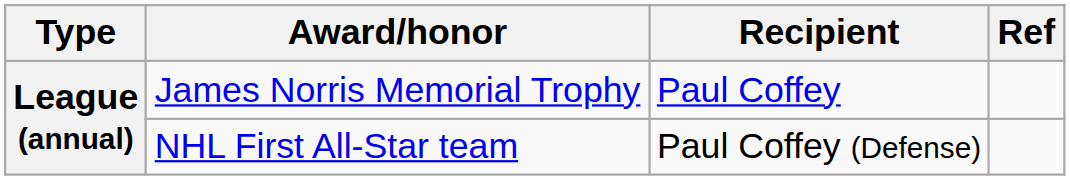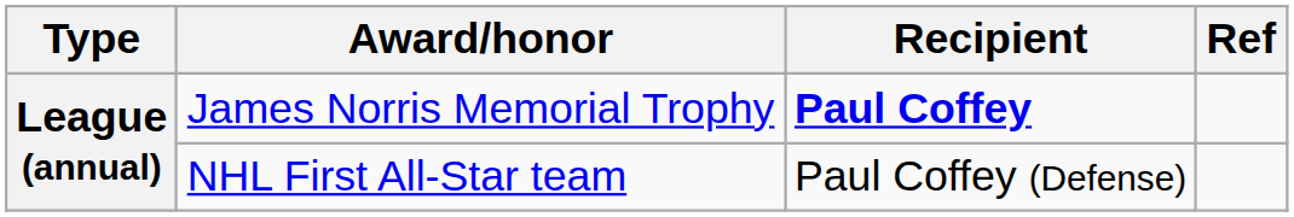 <table class="wikitable">
 <tr>
 <th scope="col">Type</th>
 <th scope="col">Award/honor</th>
 <th scope="col">Recipient</th>
 <th scope="col">Ref</th>
 </tr>
 <tr>
 <th scope="row" rowspan="2">League<br><small>(annual)</small></th>
 <td><a href='#'>James Norris Memorial Trophy</a></td>
-<td><a href='#'>Paul Coffey</a></td>
+<td><strong><a href='#'>Paul Coffey</a></strong></td>
 <td></td>
 </tr>
 <tr>
 <td><a href='#'>NHL First All-Star team</a></td>
 <td>Paul Coffey <small>(Defense)</small></td>
 <td></td>
 </tr>
 </table>
